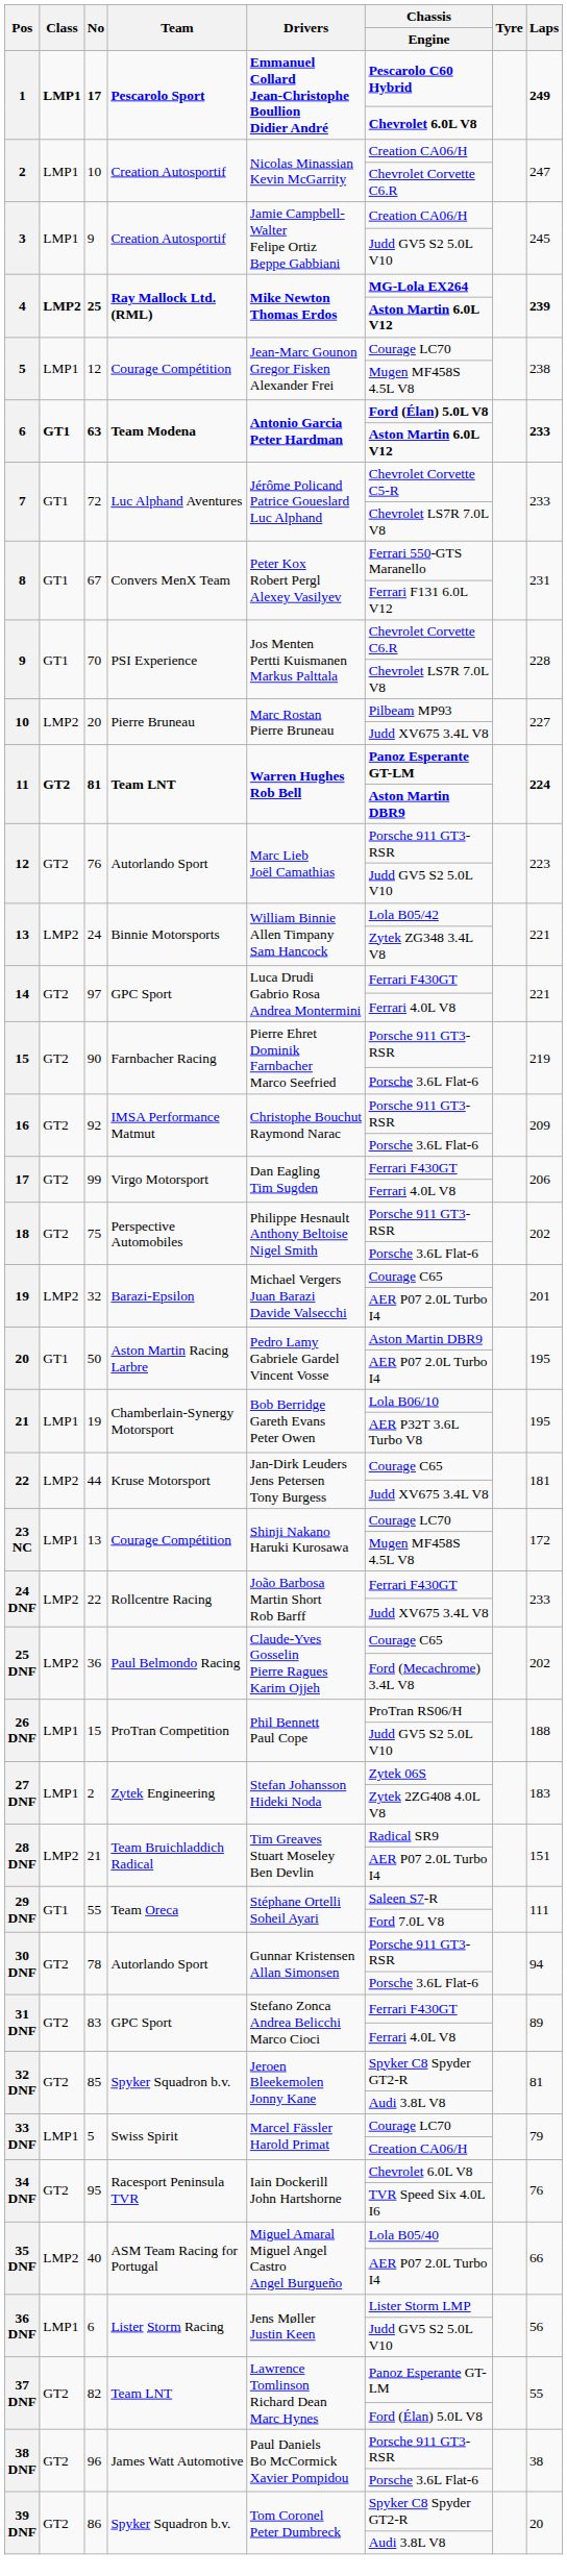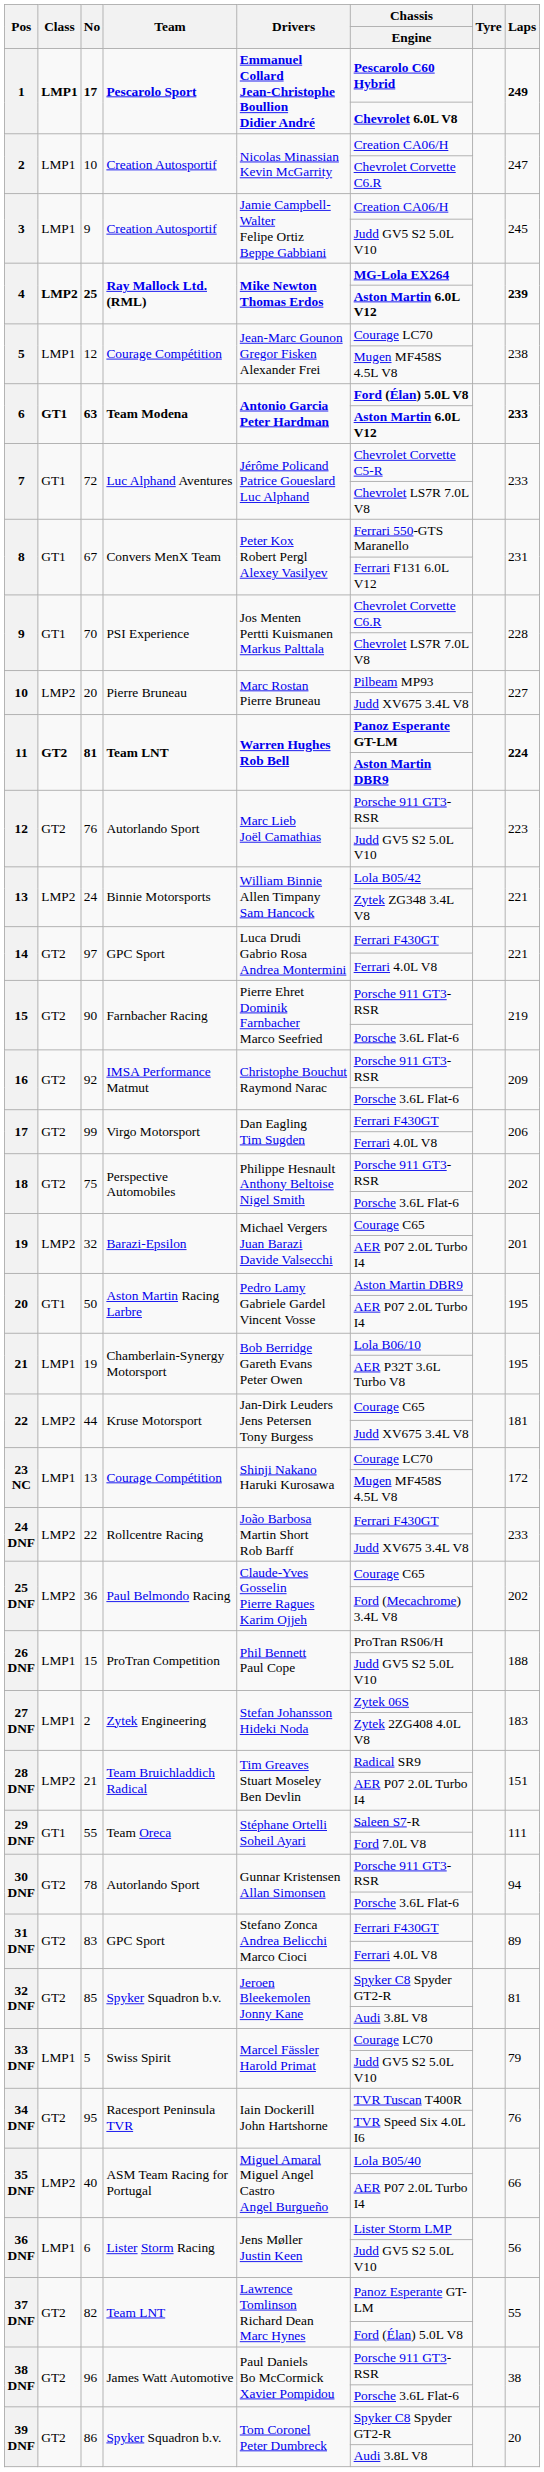 <table class="wikitable" style="font-size: 95%;">
 <tr>
 <th rowspan=2>Pos</th>
 <th rowspan=2>Class</th>
 <th rowspan=2>No</th>
 <th rowspan=2>Team</th>
 <th rowspan=2>Drivers</th>
 <th>Chassis</th>
 <th rowspan=2>Tyre</th>
 <th rowspan=2>Laps</th>
 </tr>
 <tr>
 <th>Engine</th>
 </tr>
 <tr style="font-weight:bold">
 <th rowspan=2>1</th>
 <td rowspan=2>LMP1</td>
 <td rowspan=2>17</td>
 <td rowspan=2> <a href='#'>Pescarolo Sport</a></td>
 <td rowspan=2> <a href='#'>Emmanuel Collard</a><br> <a href='#'>Jean-Christophe Boullion</a><br> <a href='#'>Didier André</a></td>
 <td><a href='#'>Pescarolo C60 Hybrid</a></td>
 <td rowspan=2></td>
 <td rowspan=2>249</td>
 </tr>
 <tr style="font-weight:bold">
 <td><a href='#'>Chevrolet</a> 6.0L V8</td>
 </tr>
 <tr>
 <th rowspan=2>2</th>
 <td rowspan=2>LMP1</td>
 <td rowspan=2>10</td>
 <td rowspan=2> <a href='#'>Creation Autosportif</a></td>
 <td rowspan=2> <a href='#'>Nicolas Minassian</a><br> <a href='#'>Kevin McGarrity</a></td>
 <td><a href='#'>Creation CA06/H</a></td>
 <td rowspan=2></td>
 <td rowspan=2>247</td>
 </tr>
 <tr>
 <td><a href='#'>Chevrolet Corvette C6.R</a></td>
 </tr>
 <tr>
 <th rowspan=2>3</th>
 <td rowspan=2>LMP1</td>
 <td rowspan=2>9</td>
 <td rowspan=2> <a href='#'>Creation Autosportif</a></td>
 <td rowspan=2> <a href='#'>Jamie Campbell-Walter</a><br> Felipe Ortiz<br> <a href='#'>Beppe Gabbiani</a></td>
 <td><a href='#'>Creation CA06/H</a></td>
 <td rowspan=2></td>
 <td rowspan=2>245</td>
 </tr>
 <tr>
 <td><a href='#'>Judd</a> GV5 S2 5.0L V10</td>
 </tr>
 <tr style="font-weight:bold">
 <th rowspan=2>4</th>
 <td rowspan=2>LMP2</td>
 <td rowspan=2>25</td>
 <td rowspan=2> <a href='#'>Ray Mallock Ltd.</a> (RML)</td>
 <td rowspan=2> <a href='#'>Mike Newton</a><br> <a href='#'>Thomas Erdos</a></td>
 <td><a href='#'>MG-Lola EX264</a></td>
 <td rowspan=2></td>
 <td rowspan=2>239</td>
 </tr>
 <tr style="font-weight:bold">
 <td><a href='#'>Aston Martin</a> 6.0L V12</td>
 </tr>
 <tr>
 <th rowspan=2>5</th>
 <td rowspan=2>LMP1</td>
 <td rowspan=2>12</td>
 <td rowspan=2> <a href='#'>Courage Compétition</a></td>
 <td rowspan=2> <a href='#'>Jean-Marc Gounon</a><br> <a href='#'>Gregor Fisken</a><br> Alexander Frei</td>
 <td><a href='#'>Courage</a> LC70</td>
 <td rowspan=2></td>
 <td rowspan=2>238</td>
 </tr>
 <tr>
 <td><a href='#'>Mugen</a> MF458S 4.5L V8</td>
 </tr>
 <tr style="font-weight:bold">
 <th rowspan=2>6</th>
 <td rowspan=2>GT1</td>
 <td rowspan=2>63</td>
 <td rowspan=2> Team Modena</td>
 <td rowspan=2> <a href='#'>Antonio Garcia</a><br> <a href='#'>Peter Hardman</a></td>
 <td><a href='#'>Ford</a> (<a href='#'>Élan</a>) 5.0L V8</td>
 <td rowspan=2></td>
 <td rowspan=2>233</td>
 </tr>
 <tr style="font-weight:bold">
 <td><a href='#'>Aston Martin</a> 6.0L V12</td>
 </tr>
 <tr>
 <th rowspan=2>7</th>
 <td rowspan=2>GT1</td>
 <td rowspan=2>72</td>
 <td rowspan=2> <a href='#'>Luc Alphand</a> Aventures</td>
 <td rowspan=2> <a href='#'>Jérôme Policand</a><br> <a href='#'>Patrice Goueslard</a><br> <a href='#'>Luc Alphand</a></td>
 <td><a href='#'>Chevrolet Corvette C5-R</a></td>
 <td rowspan=2></td>
 <td rowspan=2>233</td>
 </tr>
 <tr>
 <td><a href='#'>Chevrolet</a> LS7R 7.0L V8</td>
 </tr>
 <tr>
 <th rowspan=2>8</th>
 <td rowspan=2>GT1</td>
 <td rowspan=2>67</td>
 <td rowspan=2> Convers MenX Team</td>
 <td rowspan=2> <a href='#'>Peter Kox</a><br> Robert Pergl<br> <a href='#'>Alexey Vasilyev</a></td>
 <td><a href='#'>Ferrari 550</a>-GTS Maranello</td>
 <td rowspan=2></td>
 <td rowspan=2>231</td>
 </tr>
 <tr>
 <td><a href='#'>Ferrari</a> F131 6.0L V12</td>
 </tr>
 <tr>
 <th rowspan=2>9</th>
 <td rowspan=2>GT1</td>
 <td rowspan=2>70</td>
 <td rowspan=2> PSI Experience</td>
 <td rowspan=2> Jos Menten<br> Pertti Kuismanen<br> <a href='#'>Markus Palttala</a></td>
 <td><a href='#'>Chevrolet Corvette C6.R</a></td>
 <td rowspan=2></td>
 <td rowspan=2>228</td>
 </tr>
 <tr>
 <td><a href='#'>Chevrolet</a> LS7R 7.0L V8</td>
 </tr>
 <tr>
 <th rowspan=2>10</th>
 <td rowspan=2>LMP2</td>
 <td rowspan=2>20</td>
 <td rowspan=2> Pierre Bruneau</td>
 <td rowspan=2> <a href='#'>Marc Rostan</a><br> Pierre Bruneau</td>
 <td><a href='#'>Pilbeam</a> MP93</td>
 <td rowspan=2></td>
 <td rowspan=2>227</td>
 </tr>
 <tr>
 <td><a href='#'>Judd</a> XV675 3.4L V8</td>
 </tr>
 <tr style="font-weight:bold">
 <th rowspan=2>11</th>
 <td rowspan=2>GT2</td>
 <td rowspan=2>81</td>
 <td rowspan=2> Team LNT</td>
 <td rowspan=2> <a href='#'>Warren Hughes</a><br> <a href='#'>Rob Bell</a></td>
 <td><a href='#'>Panoz Esperante</a> GT-LM</td>
 <td rowspan=2></td>
 <td rowspan=2>224</td>
 </tr>
 <tr style="font-weight:bold">
 <td><a href='#'>Aston Martin DBR9</a></td>
 </tr>
 <tr>
 <th rowspan=2>12</th>
 <td rowspan=2>GT2</td>
 <td rowspan=2>76</td>
 <td rowspan=2> Autorlando Sport</td>
 <td rowspan=2> <a href='#'>Marc Lieb</a><br> <a href='#'>Joël Camathias</a></td>
 <td><a href='#'>Porsche 911 GT3</a>-RSR</td>
 <td rowspan=2></td>
 <td rowspan=2>223</td>
 </tr>
 <tr>
 <td><a href='#'>Judd</a> GV5 S2 5.0L V10</td>
 </tr>
 <tr>
 <th rowspan=2>13</th>
 <td rowspan=2>LMP2</td>
 <td rowspan=2>24</td>
 <td rowspan=2> Binnie Motorsports</td>
 <td rowspan=2> <a href='#'>William Binnie</a><br> Allen Timpany<br> <a href='#'>Sam Hancock</a></td>
 <td><a href='#'>Lola B05/42</a></td>
 <td rowspan=2></td>
 <td rowspan=2>221</td>
 </tr>
 <tr>
 <td><a href='#'>Zytek</a> ZG348 3.4L V8</td>
 </tr>
 <tr>
 <th rowspan=2>14</th>
 <td rowspan=2>GT2</td>
 <td rowspan=2>97</td>
 <td rowspan=2> GPC Sport</td>
 <td rowspan=2> Luca Drudi<br> Gabrio Rosa<br> <a href='#'>Andrea Montermini</a></td>
 <td><a href='#'>Ferrari F430GT</a></td>
 <td rowspan=2></td>
 <td rowspan=2>221</td>
 </tr>
 <tr>
 <td><a href='#'>Ferrari</a> 4.0L V8</td>
 </tr>
 <tr>
 <th rowspan=2>15</th>
 <td rowspan=2>GT2</td>
 <td rowspan=2>90</td>
 <td rowspan=2> Farnbacher Racing</td>
 <td rowspan=2> Pierre Ehret<br> <a href='#'>Dominik Farnbacher</a><br> Marco Seefried</td>
 <td><a href='#'>Porsche 911 GT3</a>-RSR</td>
 <td rowspan=2></td>
 <td rowspan=2>219</td>
 </tr>
 <tr>
 <td><a href='#'>Porsche</a> 3.6L Flat-6</td>
 </tr>
 <tr>
 <th rowspan=2>16</th>
 <td rowspan=2>GT2</td>
 <td rowspan=2>92</td>
 <td rowspan=2> <a href='#'>IMSA Performance</a> Matmut</td>
 <td rowspan=2> <a href='#'>Christophe Bouchut</a><br> Raymond Narac</td>
 <td><a href='#'>Porsche 911 GT3</a>-RSR</td>
 <td rowspan=2></td>
 <td rowspan=2>209</td>
 </tr>
 <tr>
 <td><a href='#'>Porsche</a> 3.6L Flat-6</td>
 </tr>
 <tr>
 <th rowspan=2>17</th>
 <td rowspan=2>GT2</td>
 <td rowspan=2>99</td>
 <td rowspan=2> Virgo Motorsport</td>
 <td rowspan=2> Dan Eagling<br> <a href='#'>Tim Sugden</a></td>
 <td><a href='#'>Ferrari F430GT</a></td>
 <td rowspan=2></td>
 <td rowspan=2>206</td>
 </tr>
 <tr>
 <td><a href='#'>Ferrari</a> 4.0L V8</td>
 </tr>
 <tr>
 <th rowspan=2>18</th>
 <td rowspan=2>GT2</td>
 <td rowspan=2>75</td>
 <td rowspan=2> Perspective Automobiles</td>
 <td rowspan=2> Philippe Hesnault<br> <a href='#'>Anthony Beltoise</a><br> <a href='#'>Nigel Smith</a></td>
 <td><a href='#'>Porsche 911 GT3</a>-RSR</td>
 <td rowspan=2></td>
 <td rowspan=2>202</td>
 </tr>
 <tr>
 <td><a href='#'>Porsche</a> 3.6L Flat-6</td>
 </tr>
 <tr>
 <th rowspan=2>19</th>
 <td rowspan=2>LMP2</td>
 <td rowspan=2>32</td>
 <td rowspan=2> <a href='#'>Barazi-Epsilon</a></td>
 <td rowspan=2> Michael Vergers<br> <a href='#'>Juan Barazi</a><br> <a href='#'>Davide Valsecchi</a></td>
 <td><a href='#'>Courage</a> C65</td>
 <td rowspan=2></td>
 <td rowspan=2>201</td>
 </tr>
 <tr>
 <td><a href='#'>AER</a> P07 2.0L Turbo I4</td>
 </tr>
 <tr>
 <th rowspan=2>20</th>
 <td rowspan=2>GT1</td>
 <td rowspan=2>50</td>
 <td rowspan=2> <a href='#'>Aston Martin</a> Racing <a href='#'>Larbre</a></td>
 <td rowspan=2> <a href='#'>Pedro Lamy</a><br> Gabriele Gardel<br> Vincent Vosse</td>
 <td><a href='#'>Aston Martin DBR9</a></td>
 <td rowspan=2></td>
 <td rowspan=2>195</td>
 </tr>
 <tr>
 <td><a href='#'>AER</a> P07 2.0L Turbo I4</td>
 </tr>
 <tr>
 <th rowspan=2>21</th>
 <td rowspan=2>LMP1</td>
 <td rowspan=2>19</td>
 <td rowspan=2> Chamberlain-Synergy Motorsport</td>
 <td rowspan=2> <a href='#'>Bob Berridge</a><br> Gareth Evans<br> Peter Owen</td>
 <td><a href='#'>Lola B06/10</a></td>
 <td rowspan=2></td>
 <td rowspan=2>195</td>
 </tr>
 <tr>
 <td><a href='#'>AER</a> P32T 3.6L Turbo V8</td>
 </tr>
 <tr>
 <th rowspan=2>22</th>
 <td rowspan=2>LMP2</td>
 <td rowspan=2>44</td>
 <td rowspan=2> Kruse Motorsport</td>
 <td rowspan=2> Jan-Dirk Leuders<br> Jens Petersen<br> Tony Burgess</td>
 <td><a href='#'>Courage</a> C65</td>
 <td rowspan=2></td>
 <td rowspan=2>181</td>
 </tr>
 <tr>
 <td><a href='#'>Judd</a> XV675 3.4L V8</td>
 </tr>
 <tr>
 <th rowspan=2>23<br>NC</th>
 <td rowspan=2>LMP1</td>
 <td rowspan=2>13</td>
 <td rowspan=2> <a href='#'>Courage Compétition</a></td>
 <td rowspan=2> <a href='#'>Shinji Nakano</a><br> Haruki Kurosawa</td>
 <td><a href='#'>Courage</a> LC70</td>
 <td rowspan=2></td>
 <td rowspan=2>172</td>
 </tr>
 <tr>
 <td><a href='#'>Mugen</a> MF458S 4.5L V8</td>
 </tr>
 <tr>
 <th rowspan=2>24<br>DNF</th>
 <td rowspan=2>LMP2</td>
 <td rowspan=2>22</td>
 <td rowspan=2> Rollcentre Racing</td>
 <td rowspan=2> <a href='#'>João Barbosa</a><br> Martin Short<br> Rob Barff</td>
 <td><a href='#'>Ferrari F430GT</a></td>
 <td rowspan=2></td>
 <td rowspan=2>233</td>
 </tr>
 <tr>
 <td><a href='#'>Judd</a> XV675 3.4L V8</td>
 </tr>
 <tr>
 <th rowspan=2>25<br>DNF</th>
 <td rowspan=2>LMP2</td>
 <td rowspan=2>36</td>
 <td rowspan=2> <a href='#'>Paul Belmondo</a> Racing</td>
 <td rowspan=2> <a href='#'>Claude-Yves Gosselin</a><br> <a href='#'>Pierre Ragues</a><br> <a href='#'>Karim Ojjeh</a></td>
 <td><a href='#'>Courage</a> C65</td>
 <td rowspan=2></td>
 <td rowspan=2>202</td>
 </tr>
 <tr>
 <td><a href='#'>Ford</a> (<a href='#'>Mecachrome</a>) 3.4L V8</td>
 </tr>
 <tr>
 <th rowspan=2>26<br>DNF</th>
 <td rowspan=2>LMP1</td>
 <td rowspan=2>15</td>
 <td rowspan=2> ProTran Competition</td>
 <td rowspan=2> <a href='#'>Phil Bennett</a><br> Paul Cope</td>
 <td>ProTran RS06/H</td>
 <td rowspan=2></td>
 <td rowspan=2>188</td>
 </tr>
 <tr>
 <td><a href='#'>Judd</a> GV5 S2 5.0L V10</td>
 </tr>
 <tr>
 <th rowspan=2>27<br>DNF</th>
 <td rowspan=2>LMP1</td>
 <td rowspan=2>2</td>
 <td rowspan=2> <a href='#'>Zytek</a> Engineering</td>
 <td rowspan=2> <a href='#'>Stefan Johansson</a><br> <a href='#'>Hideki Noda</a></td>
 <td><a href='#'>Zytek 06S</a></td>
 <td rowspan=2></td>
 <td rowspan=2>183</td>
 </tr>
 <tr>
 <td><a href='#'>Zytek</a> 2ZG408 4.0L V8</td>
 </tr>
 <tr>
 <th rowspan=2>28<br>DNF</th>
 <td rowspan=2>LMP2</td>
 <td rowspan=2>21</td>
 <td rowspan=2> <a href='#'>Team Bruichladdich</a> <a href='#'>Radical</a></td>
 <td rowspan=2> <a href='#'>Tim Greaves</a><br> Stuart Moseley<br> Ben Devlin</td>
 <td><a href='#'>Radical</a> SR9</td>
 <td rowspan=2></td>
 <td rowspan=2>151</td>
 </tr>
 <tr>
 <td><a href='#'>AER</a> P07 2.0L Turbo I4</td>
 </tr>
 <tr>
 <th rowspan=2>29<br>DNF</th>
 <td rowspan=2>GT1</td>
 <td rowspan=2>55</td>
 <td rowspan=2> Team <a href='#'>Oreca</a></td>
 <td rowspan=2> <a href='#'>Stéphane Ortelli</a><br> <a href='#'>Soheil Ayari</a></td>
 <td><a href='#'>Saleen S7</a>-R</td>
 <td rowspan=2></td>
 <td rowspan=2>111</td>
 </tr>
 <tr>
 <td><a href='#'>Ford</a> 7.0L V8</td>
 </tr>
 <tr>
 <th rowspan=2>30<br>DNF</th>
 <td rowspan=2>GT2</td>
 <td rowspan=2>78</td>
 <td rowspan=2> Autorlando Sport</td>
 <td rowspan=2> Gunnar Kristensen<br> <a href='#'>Allan Simonsen</a></td>
 <td><a href='#'>Porsche 911 GT3</a>-RSR</td>
 <td rowspan=2></td>
 <td rowspan=2>94</td>
 </tr>
 <tr>
 <td><a href='#'>Porsche</a> 3.6L Flat-6</td>
 </tr>
 <tr>
 <th rowspan=2>31<br>DNF</th>
 <td rowspan=2>GT2</td>
 <td rowspan=2>83</td>
 <td rowspan=2> GPC Sport</td>
 <td rowspan=2> Stefano Zonca<br> <a href='#'>Andrea Belicchi</a><br> Marco Cioci</td>
 <td><a href='#'>Ferrari F430GT</a></td>
 <td rowspan=2></td>
 <td rowspan=2>89</td>
 </tr>
 <tr>
 <td><a href='#'>Ferrari</a> 4.0L V8</td>
 </tr>
 <tr>
 <th rowspan=2>32<br>DNF</th>
 <td rowspan=2>GT2</td>
 <td rowspan=2>85</td>
 <td rowspan=2> <a href='#'>Spyker</a> Squadron b.v.</td>
 <td rowspan=2> <a href='#'>Jeroen Bleekemolen</a><br> <a href='#'>Jonny Kane</a></td>
 <td><a href='#'>Spyker C8</a> Spyder GT2-R</td>
 <td rowspan=2></td>
 <td rowspan=2>81</td>
 </tr>
 <tr>
 <td><a href='#'>Audi</a> 3.8L V8</td>
 </tr>
 <tr>
 <th rowspan=2>33<br>DNF</th>
 <td rowspan=2>LMP1</td>
 <td rowspan=2>5</td>
 <td rowspan=2> Swiss Spirit</td>
 <td rowspan=2> <a href='#'>Marcel Fässler</a><br> <a href='#'>Harold Primat</a></td>
 <td><a href='#'>Courage</a> LC70</td>
 <td rowspan=2></td>
 <td rowspan=2>79</td>
 </tr>
 <tr>
-<td><a href='#'>Creation CA06/H</a></td>
+<td><a href='#'>Judd</a> GV5 S2 5.0L V10</td>
 </tr>
 <tr>
 <th rowspan=2>34<br>DNF</th>
 <td rowspan=2>GT2</td>
 <td rowspan=2>95</td>
 <td rowspan=2> Racesport Peninsula <a href='#'>TVR</a></td>
 <td rowspan=2> Iain Dockerill<br> John Hartshorne</td>
-<td><a href='#'>Chevrolet</a> 6.0L V8</td>
+<td><a href='#'>TVR Tuscan</a> T400R</td>
 <td rowspan=2></td>
 <td rowspan=2>76</td>
 </tr>
 <tr>
 <td><a href='#'>TVR</a> Speed Six 4.0L I6</td>
 </tr>
 <tr>
 <th rowspan=2>35<br>DNF</th>
 <td rowspan=2>LMP2</td>
 <td rowspan=2>40</td>
 <td rowspan=2> ASM Team Racing for Portugal</td>
 <td rowspan=2> <a href='#'>Miguel Amaral</a><br> Miguel Angel Castro<br> <a href='#'>Angel Burgueño</a></td>
 <td><a href='#'>Lola B05/40</a></td>
 <td rowspan=2></td>
 <td rowspan=2>66</td>
 </tr>
 <tr>
 <td><a href='#'>AER</a> P07 2.0L Turbo I4</td>
 </tr>
 <tr>
 <th rowspan=2>36<br>DNF</th>
 <td rowspan=2>LMP1</td>
 <td rowspan=2>6</td>
 <td rowspan=2> <a href='#'>Lister</a> <a href='#'>Storm</a> Racing</td>
 <td rowspan=2> Jens Møller<br> <a href='#'>Justin Keen</a></td>
 <td><a href='#'>Lister Storm LMP</a></td>
 <td rowspan=2></td>
 <td rowspan=2>56</td>
 </tr>
 <tr>
 <td><a href='#'>Judd</a> GV5 S2 5.0L V10</td>
 </tr>
 <tr>
 <th rowspan=2>37<br>DNF</th>
 <td rowspan=2>GT2</td>
 <td rowspan=2>82</td>
 <td rowspan=2> <a href='#'>Team LNT</a></td>
 <td rowspan=2> <a href='#'>Lawrence Tomlinson</a><br> Richard Dean<br> <a href='#'>Marc Hynes</a></td>
 <td><a href='#'>Panoz Esperante</a> GT-LM</td>
 <td rowspan=2></td>
 <td rowspan=2>55</td>
 </tr>
 <tr>
 <td><a href='#'>Ford</a> (<a href='#'>Élan</a>) 5.0L V8</td>
 </tr>
 <tr>
 <th rowspan=2>38<br>DNF</th>
 <td rowspan=2>GT2</td>
 <td rowspan=2>96</td>
 <td rowspan=2> James Watt Automotive</td>
 <td rowspan=2> Paul Daniels<br> Bo McCormick<br> <a href='#'>Xavier Pompidou</a></td>
 <td><a href='#'>Porsche 911 GT3</a>-RSR</td>
 <td rowspan=2></td>
 <td rowspan=2>38</td>
 </tr>
 <tr>
 <td><a href='#'>Porsche</a> 3.6L Flat-6</td>
 </tr>
 <tr>
 <th rowspan=2>39<br>DNF</th>
 <td rowspan=2>GT2</td>
 <td rowspan=2>86</td>
 <td rowspan=2> <a href='#'>Spyker</a> Squadron b.v.</td>
 <td rowspan=2> <a href='#'>Tom Coronel</a><br> <a href='#'>Peter Dumbreck</a></td>
 <td><a href='#'>Spyker C8</a> Spyder GT2-R</td>
 <td rowspan=2></td>
 <td rowspan=2>20</td>
 </tr>
 <tr>
 <td><a href='#'>Audi</a> 3.8L V8</td>
 </tr>
 </table>
